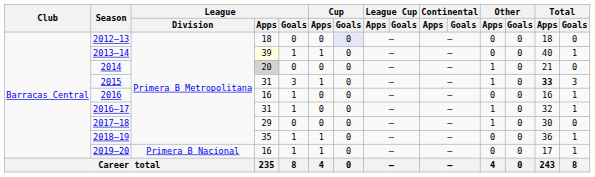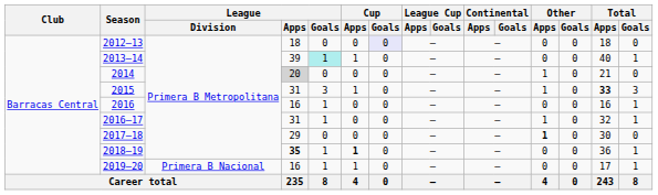 <table class="wikitable" style="text-align:center">
 <tr>
 <th rowspan="2">Club</th>
 <th rowspan="2">Season</th>
 <th colspan="3">League</th>
 <th colspan="2">Cup</th>
 <th colspan="2">League Cup</th>
 <th colspan="2">Continental</th>
 <th colspan="2">Other</th>
 <th colspan="2">Total</th>
 </tr>
 <tr>
 <th>Division</th>
 <th>Apps</th>
 <th>Goals</th>
 <th>Apps</th>
 <th>Goals</th>
 <th>Apps</th>
 <th>Goals</th>
 <th>Apps</th>
 <th>Goals</th>
 <th>Apps</th>
 <th>Goals</th>
 <th>Apps</th>
 <th>Goals</th>
 </tr>
 <tr>
 <td rowspan="9"><a href='#'>Barracas Central</a></td>
 <td><a href='#'>2012–13</a></td>
 <td rowspan="8"><a href='#'>Primera B Metropolitana</a></td>
 <td>18</td>
 <td>0</td>
 <td>0</td>
 <td style="background: lavender;">0</td>
 <td colspan="2">—</td>
 <td colspan="2">—</td>
 <td>0</td>
 <td>0</td>
 <td>18</td>
 <td>0</td>
 </tr>
 <tr>
 <td><a href='#'>2013–14</a></td>
-<td style="background: lightyellow;">39</td>
-<td>1</td>
+<td>39</td>
+<td style="background: paleturquoise;">1</td>
 <td>1</td>
 <td>0</td>
 <td colspan="2">—</td>
 <td colspan="2">—</td>
 <td>0</td>
 <td>0</td>
 <td>40</td>
 <td>1</td>
 </tr>
 <tr>
 <td><a href='#'>2014</a></td>
 <td style="background: lightgrey;">20</td>
 <td>0</td>
 <td>0</td>
 <td>0</td>
 <td colspan="2">—</td>
 <td colspan="2">—</td>
 <td>1</td>
 <td>0</td>
 <td>21</td>
 <td>0</td>
 </tr>
 <tr>
 <td><a href='#'>2015</a></td>
 <td>31</td>
 <td>3</td>
 <td>1</td>
 <td>0</td>
 <td colspan="2">—</td>
 <td colspan="2">—</td>
 <td>1</td>
 <td>0</td>
 <td><strong>33</strong></td>
 <td>3</td>
 </tr>
 <tr>
 <td><a href='#'>2016</a></td>
 <td>16</td>
 <td>1</td>
 <td>0</td>
 <td>0</td>
 <td colspan="2">—</td>
 <td colspan="2">—</td>
 <td>0</td>
 <td>0</td>
 <td>16</td>
 <td>1</td>
 </tr>
 <tr>
 <td><a href='#'>2016–17</a></td>
 <td>31</td>
 <td>1</td>
 <td>0</td>
 <td>0</td>
 <td colspan="2">—</td>
 <td colspan="2">—</td>
 <td>1</td>
 <td>0</td>
 <td>32</td>
 <td>1</td>
 </tr>
 <tr>
 <td><a href='#'>2017–18</a></td>
 <td>29</td>
 <td>0</td>
 <td>0</td>
 <td>0</td>
 <td colspan="2">—</td>
 <td colspan="2">—</td>
-<td>1</td>
+<td><strong>1</strong></td>
 <td>0</td>
 <td>30</td>
 <td>0</td>
 </tr>
 <tr>
 <td><a href='#'>2018–19</a></td>
-<td>35</td>
+<td><strong>35</strong></td>
 <td>1</td>
-<td>1</td>
+<td><strong>1</strong></td>
 <td>0</td>
 <td colspan="2">—</td>
 <td colspan="2">—</td>
 <td>0</td>
 <td>0</td>
 <td>36</td>
 <td>1</td>
 </tr>
 <tr>
 <td><a href='#'>2019–20</a></td>
 <td rowspan="1"><a href='#'>Primera B Nacional</a></td>
 <td>16</td>
 <td>1</td>
 <td>1</td>
 <td>0</td>
 <td colspan="2">—</td>
 <td colspan="2">—</td>
 <td>0</td>
 <td>0</td>
 <td>17</td>
 <td>1</td>
 </tr>
 <tr>
 <th colspan="3">Career total</th>
 <th>235</th>
 <th>8</th>
 <th>4</th>
 <th>0</th>
 <th colspan="2">—</th>
 <th colspan="2">—</th>
 <th>4</th>
 <th>0</th>
 <th>243</th>
 <th>8</th>
 </tr>
 </table>
